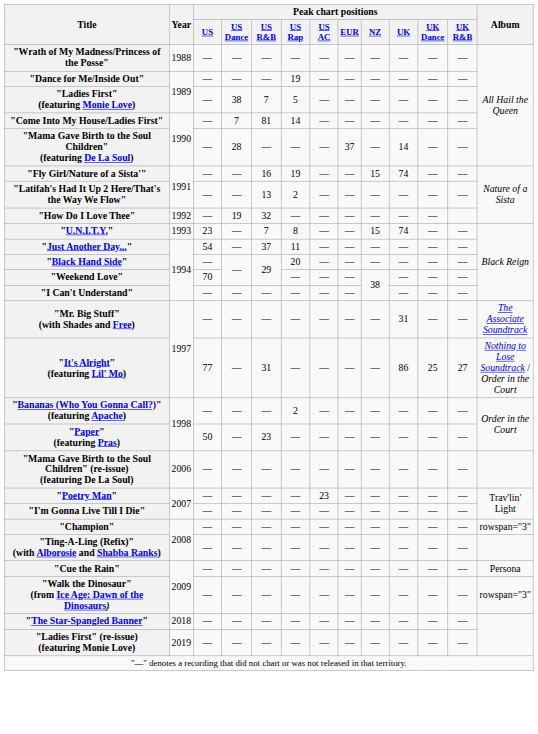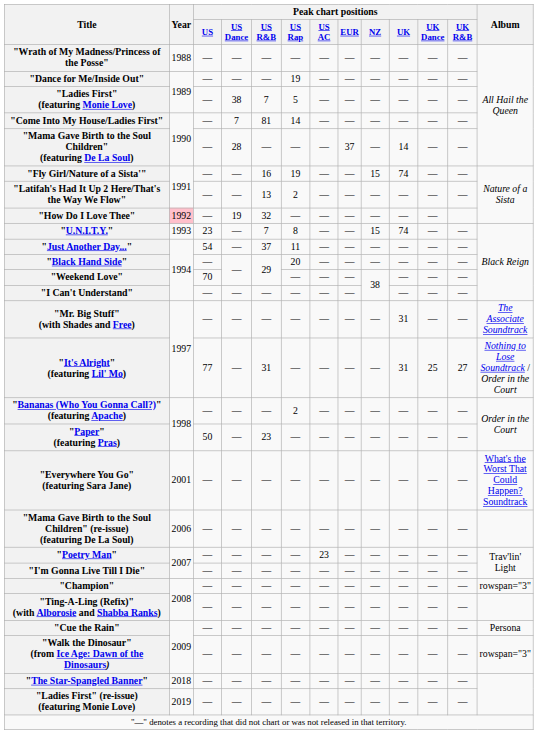 <table class="wikitable plainrowheaders" style="text-align:center;" border="1">
 <tr>
 <th scope="col" rowspan="2" style="width:18em;">Title</th>
 <th scope="col" rowspan="2">Year</th>
 <th scope="col" colspan="10">Peak chart positions</th>
 <th scope="col" rowspan="2">Album</th>
 </tr>
 <tr>
 <th scope="col" style="width:3em;font-size:90%;"><a href='#'>US</a><br></th>
 <th scope="col" style="width:3em;font-size:90%;"><a href='#'>US Dance</a><br></th>
 <th scope="col" style="width:3em;font-size:90%;"><a href='#'>US R&B</a><br></th>
 <th scope="col" style="width:3em;font-size:90%;"><a href='#'>US Rap</a><br></th>
 <th scope="col" style="width:3em;font-size:90%;"><a href='#'>US AC</a><br></th>
 <th style="width:2em;font-size:90%;"><a href='#'>EUR</a><br></th>
 <th scope="col" style="width:3em;font-size:90%;"><a href='#'>NZ</a><br></th>
 <th scope="col" style="width:3em;font-size:90%;"><a href='#'>UK</a><br></th>
 <th scope="col" style="width:3em;font-size:90%;"><a href='#'>UK Dance</a><br></th>
 <th scope="col" style="width:3em;font-size:90%;"><a href='#'>UK R&B</a><br></th>
 </tr>
 <tr>
 <th scope="row">"Wrath of My Madness/Princess of the Posse"</th>
 <td>1988</td>
 <td align="center">—</td>
 <td align="center">—</td>
 <td align="center">—</td>
 <td align="center">—</td>
 <td align="center">—</td>
 <td align="center">—</td>
 <td align="center">—</td>
 <td align="center">—</td>
 <td align="center">—</td>
 <td align="center">—</td>
 <td align="center" rowspan="5"><em>All Hail the Queen</em></td>
 </tr>
 <tr>
 <th scope="row">"Dance for Me/Inside Out"</th>
 <td rowspan="2">1989</td>
 <td align="center">—</td>
 <td align="center">—</td>
 <td align="center">—</td>
 <td align="center">19</td>
 <td align="center">—</td>
 <td align="center">—</td>
 <td align="center">—</td>
 <td align="center">—</td>
 <td align="center">—</td>
 <td align="center">—</td>
 </tr>
 <tr>
 <th scope="row">"Ladies First"<br><span>(featuring <a href='#'>Monie Love</a>)</span></th>
 <td align="center">—</td>
 <td align="center">38</td>
 <td align="center">7</td>
 <td align="center">5</td>
 <td align="center">—</td>
 <td align="center">—</td>
 <td align="center">—</td>
 <td align="center">—</td>
 <td align="center">—</td>
 <td align="center">—</td>
 </tr>
 <tr>
 <th scope="row">"Come Into My House/Ladies First"</th>
 <td rowspan="2">1990</td>
 <td align="center">—</td>
 <td align="center">7</td>
 <td align="center">81</td>
 <td align="center">14</td>
 <td align="center">—</td>
 <td align="center">—</td>
 <td align="center">—</td>
 <td align="center">—</td>
 <td align="center">—</td>
 <td align="center">—</td>
 </tr>
 <tr>
 <th scope="row">"Mama Gave Birth to the Soul Children"<br><span>(featuring <a href='#'>De La Soul</a>)</span></th>
 <td align="center">—</td>
 <td align="center">28</td>
 <td align="center">—</td>
 <td align="center">—</td>
 <td align="center">—</td>
 <td align="center">37</td>
 <td align="center">—</td>
 <td align="center">14</td>
 <td align="center">—</td>
 <td align="center">—</td>
 </tr>
 <tr>
 <th scope="row">"Fly Girl/Nature of a Sista'"</th>
 <td rowspan="2">1991</td>
 <td align="center">—</td>
 <td align="center">—</td>
 <td align="center">16</td>
 <td align="center">19</td>
 <td align="center">—</td>
 <td align="center">—</td>
 <td align="center">15</td>
 <td align="center">74</td>
 <td align="center">—</td>
 <td align="center">—</td>
 <td align="center" rowspan="3"><em>Nature of a Sista</em></td>
 </tr>
 <tr>
 <th scope="row">"Latifah's Had It Up 2 Here/That's the Way We Flow"</th>
 <td align="center">—</td>
 <td align="center">—</td>
 <td align="center">13</td>
 <td align="center">2</td>
 <td align="center">—</td>
 <td align="center">—</td>
 <td align="center">—</td>
 <td align="center">—</td>
 <td align="center">—</td>
 <td align="center">—</td>
 </tr>
 <tr>
 <th scope="row">"How Do I Love Thee"</th>
-<td>1992</td>
+<td style="background: pink;">1992</td>
 <td align="center">—</td>
 <td align="center">19</td>
 <td align="center">32</td>
 <td align="center">—</td>
 <td align="center">—</td>
 <td align="center">—</td>
 <td align="center">—</td>
 <td align="center">—</td>
 <td align="center">—</td>
 </tr>
 <tr>
 <th scope="row">"<a href='#'>U.N.I.T.Y.</a>"</th>
 <td>1993</td>
 <td align="center">23</td>
 <td align="center">—</td>
 <td align="center">7</td>
 <td align="center">8</td>
 <td align="center">—</td>
 <td align="center">—</td>
 <td align="center">15</td>
 <td align="center">74</td>
 <td align="center">—</td>
 <td align="center">—</td>
 <td align="center" rowspan="5"><em>Black Reign</em></td>
 </tr>
 <tr>
 <th scope="row">"<a href='#'>Just Another Day...</a>"</th>
 <td rowspan="4">1994</td>
 <td align="center">54</td>
 <td align="center">—</td>
 <td align="center">37</td>
 <td align="center">11</td>
 <td align="center">—</td>
 <td align="center">—</td>
 <td align="center">—</td>
 <td align="center">—</td>
 <td align="center">—</td>
 <td align="center">—</td>
 </tr>
 <tr>
 <th scope="row">"<a href='#'>Black Hand Side</a>"</th>
 <td align="center">—</td>
 <td align="center" rowspan="2">—</td>
 <td align="center" rowspan="2">29</td>
 <td align="center">20</td>
 <td align="center">—</td>
 <td align="center">—</td>
 <td align="center">—</td>
 <td align="center">—</td>
 <td align="center">—</td>
 <td align="center">—</td>
 </tr>
 <tr>
 <th scope="row">"Weekend Love"</th>
 <td align="center">70</td>
 <td align="center">—</td>
 <td align="center">—</td>
 <td align="center">—</td>
 <td align="center" rowspan="2">38</td>
 <td align="center">—</td>
 <td align="center">—</td>
 <td align="center">—</td>
 </tr>
 <tr>
 <th scope="row">"I Can't Understand"</th>
 <td align="center">—</td>
 <td align="center">—</td>
 <td align="center">—</td>
 <td align="center">—</td>
 <td align="center">—</td>
 <td align="center">—</td>
 <td align="center">—</td>
 <td align="center">—</td>
 <td align="center">—</td>
 </tr>
 <tr>
 <th scope="row">"Mr. Big Stuff"<br><span>(with Shades and <a href='#'>Free</a>)</span></th>
 <td rowspan="2">1997</td>
 <td align="center">—</td>
 <td align="center">—</td>
 <td align="center">—</td>
 <td align="center">—</td>
 <td align="center">—</td>
 <td align="center">—</td>
 <td align="center">—</td>
 <td align="center">31</td>
 <td align="center">—</td>
 <td align="center">—</td>
 <td><em><a href='#'>The Associate Soundtrack</a></em></td>
 </tr>
 <tr>
 <th scope="row">"<a href='#'>It's Alright</a>"<br><span>(featuring <a href='#'>Lil' Mo</a>)</span></th>
 <td align="center">77</td>
 <td align="center">—</td>
 <td align="center">31</td>
 <td align="center">—</td>
 <td align="center">—</td>
 <td align="center">—</td>
 <td align="center">—</td>
-<td align="center">86</td>
+<td align="center">31</td>
 <td align="center">25</td>
 <td align="center">27</td>
 <td><em><a href='#'>Nothing to Lose Soundtrack</a></em> / <em>Order in the Court</em></td>
 </tr>
 <tr>
 <th scope="row">"<a href='#'>Bananas (Who You Gonna Call?)</a>"<br><span>(featuring <a href='#'>Apache</a>)</span></th>
 <td rowspan="2">1998</td>
 <td align="center">—</td>
 <td align="center">—</td>
 <td align="center">—</td>
 <td align="center">2</td>
 <td align="center">—</td>
 <td align="center">—</td>
 <td align="center">—</td>
 <td align="center">—</td>
 <td align="center">—</td>
 <td align="center">—</td>
 <td align="center" rowspan="2"><em>Order in the Court<strong></td>
 </tr>
 <tr>
 <th scope="row">"<a href='#'>Paper</a>"<br><span>(featuring <a href='#'>Pras</a>)</span></th>
 <td align="center">50</td>
 <td align="center">—</td>
 <td align="center">23</td>
 <td align="center">—</td>
 <td align="center">—</td>
 <td align="center">—</td>
 <td align="center">—</td>
 <td align="center">—</td>
 <td align="center">—</td>
 <td align="center">—</td>
+</tr>
+<tr>
+<th scope="row">"Everywhere You Go"<br><span>(featuring Sara Jane)</span></th>
+<td>2001</td>
+<td align="center">—</td>
+<td align="center">—</td>
+<td align="center">—</td>
+<td align="center">—</td>
+<td align="center">—</td>
+<td align="center">—</td>
+<td align="center">—</td>
+<td align="center">—</td>
+<td align="center">—</td>
+<td align="center">—</td>
+<td></em><a href='#'>What's the Worst That Could Happen? Soundtrack</a><em></td>
 </tr>
 <tr>
 <th scope="row">"Mama Gave Birth to the Soul Children" (re-issue)<br><span>(featuring De La Soul)</span></th>
 <td>2006</td>
 <td align="center">—</td>
 <td align="center">—</td>
 <td align="center">—</td>
 <td align="center">—</td>
 <td align="center">—</td>
 <td align="center">—</td>
 <td align="center">—</td>
 <td align="center">—</td>
 <td align="center">—</td>
 <td align="center">—</td>
 <td></td>
 </tr>
 <tr>
 <th scope="row">"<a href='#'>Poetry Man</a>"</th>
 <td rowspan="2">2007</td>
 <td align="center">—</td>
 <td align="center">—</td>
 <td align="center">—</td>
 <td align="center">—</td>
 <td align="center">23</td>
 <td align="center">—</td>
 <td align="center">—</td>
 <td align="center">—</td>
 <td align="center">—</td>
 <td align="center">—</td>
 <td rowspan="2"></em>Trav'lin' Light<em></td>
 </tr>
 <tr>
 <th scope="row">"I'm Gonna Live Till I Die"</th>
 <td align="center">—</td>
 <td align="center">—</td>
 <td align="center">—</td>
 <td align="center">—</td>
 <td align="center">—</td>
 <td align="center">—</td>
 <td align="center">—</td>
 <td align="center">—</td>
 <td align="center">—</td>
 <td align="center">—</td>
 </tr>
 <tr>
 <th scope="row">"Champion"</th>
 <td rowspan="2">2008</td>
 <td align="center">—</td>
 <td align="center">—</td>
 <td align="center">—</td>
 <td align="center">—</td>
 <td align="center">—</td>
 <td align="center">—</td>
 <td align="center">—</td>
 <td align="center">—</td>
 <td align="center">—</td>
 <td align="center">—</td>
 <td>rowspan="3" </td>
 </tr>
 <tr>
 <th scope="row">"Ting-A-Ling (Refix)"<br><span>(with <a href='#'>Alborosie</a> and <a href='#'>Shabba Ranks</a>)</span></th>
 <td align="center">—</td>
 <td align="center">—</td>
 <td align="center">—</td>
 <td align="center">—</td>
 <td align="center">—</td>
 <td align="center">—</td>
 <td align="center">—</td>
 <td align="center">—</td>
 <td align="center">—</td>
 <td align="center">—</td>
 <td></td>
 </tr>
 <tr>
 <th scope="row">"Cue the Rain"</th>
 <td rowspan="2">2009</td>
 <td align="center">—</td>
 <td align="center">—</td>
 <td align="center">—</td>
 <td align="center">—</td>
 <td align="center">—</td>
 <td align="center">—</td>
 <td align="center">—</td>
 <td align="center">—</td>
 <td align="center">—</td>
 <td align="center">—</td>
 <td></em>Persona<em></td>
 </tr>
 <tr>
 <th scope="row">"Walk the Dinosaur"<br>(from </em><a href='#'>Ice Age: Dawn of the Dinosaurs</a><em>)</th>
 <td align="center">—</td>
 <td align="center">—</td>
 <td align="center">—</td>
 <td align="center">—</td>
 <td align="center">—</td>
 <td align="center">—</td>
 <td align="center">—</td>
 <td align="center">—</td>
 <td align="center">—</td>
 <td align="center">—</td>
 <td>rowspan="3" </td>
 </tr>
 <tr>
 <th scope="row">"<a href='#'>The Star-Spangled Banner</a>"</th>
 <td>2018</td>
 <td align="center">—</td>
 <td align="center">—</td>
 <td align="center">—</td>
 <td align="center">—</td>
 <td align="center">—</td>
 <td align="center">—</td>
 <td align="center">—</td>
 <td align="center">—</td>
 <td align="center">—</td>
 <td align="center">—</td>
 </tr>
 <tr>
 <th scope="row">"Ladies First" (re-issue)<br><span>(featuring Monie Love)</span></th>
 <td>2019</td>
 <td align="center">—</td>
 <td align="center">—</td>
 <td align="center">—</td>
 <td align="center">—</td>
 <td align="center">—</td>
 <td align="center">—</td>
 <td align="center">—</td>
 <td align="center">—</td>
 <td align="center">—</td>
 <td align="center">—</td>
 </tr>
 <tr>
 <td colspan="13" style="font-size:90%">"—" denotes a recording that did not chart or was not released in that territory.</td>
 </tr>
 </table>
